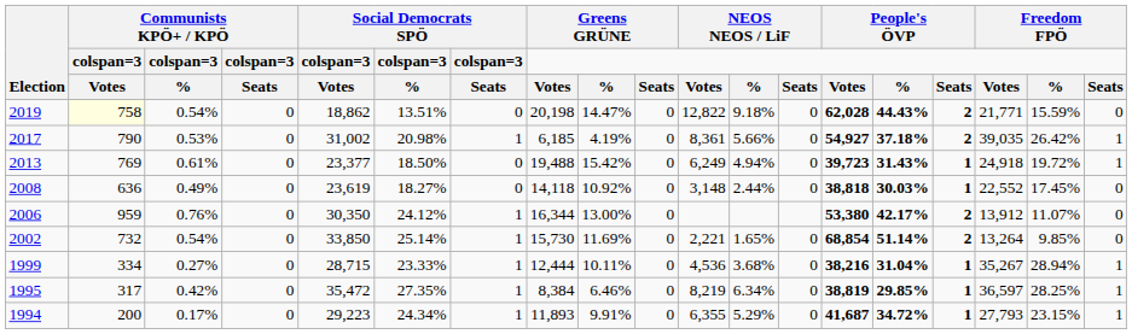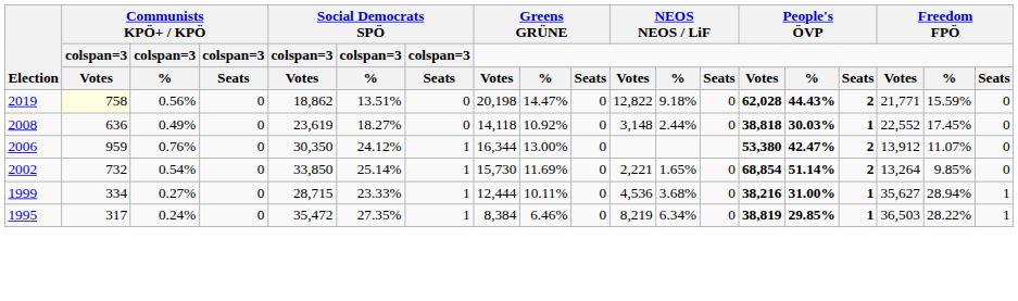 <table class="wikitable" border="1" style="font-size:100%; text-align:right;">
 <tr>
 <th style="text-align:left;" valign=bottom rowspan=3>Election</th>
 <th valign=bottom colspan=3><a href='#'>Communists</a><br>KPÖ+ / KPÖ</th>
 <th valign=bottom colspan=3><a href='#'>Social Democrats</a><br>SPÖ</th>
 <th valign=bottom colspan=3><a href='#'>Greens</a><br>GRÜNE</th>
 <th valign=bottom colspan=3><a href='#'>NEOS</a><br>NEOS / LiF</th>
 <th valign=bottom colspan=3><a href='#'>People's</a><br>ÖVP</th>
 <th valign=bottom colspan=3><a href='#'>Freedom</a><br>FPÖ</th>
 </tr>
 <tr>
 <th>colspan=3 </th>
 <th>colspan=3 </th>
 <th>colspan=3 </th>
 <th>colspan=3 </th>
 <th>colspan=3 </th>
 <th>colspan=3 </th>
 </tr>
 <tr>
 <th>Votes</th>
 <th>%</th>
 <th>Seats</th>
 <th>Votes</th>
 <th>%</th>
 <th>Seats</th>
 <th>Votes</th>
 <th>%</th>
 <th>Seats</th>
 <th>Votes</th>
 <th>%</th>
 <th>Seats</th>
 <th>Votes</th>
 <th>%</th>
 <th>Seats</th>
 <th>Votes</th>
 <th>%</th>
 <th>Seats</th>
 </tr>
 <tr>
 <td align=left><a href='#'>2019</a></td>
 <td style="background: lightyellow;">758</td>
-<td>0.54%</td>
+<td>0.56%</td>
 <td>0</td>
 <td>18,862</td>
 <td>13.51%</td>
 <td>0</td>
 <td>20,198</td>
 <td>14.47%</td>
 <td>0</td>
 <td>12,822</td>
 <td>9.18%</td>
 <td>0</td>
 <td><strong>62,028</strong></td>
 <td><strong>44.43%</strong></td>
 <td><strong>2</strong></td>
 <td>21,771</td>
 <td>15.59%</td>
 <td>0</td>
-</tr>
-<tr>
-<td align=left><a href='#'>2017</a></td>
-<td>790</td>
-<td>0.53%</td>
-<td>0</td>
-<td>31,002</td>
-<td>20.98%</td>
-<td>1</td>
-<td>6,185</td>
-<td>4.19%</td>
-<td>0</td>
-<td>8,361</td>
-<td>5.66%</td>
-<td>0</td>
-<td><strong>54,927</strong></td>
-<td><strong>37.18%</strong></td>
-<td><strong>2</strong></td>
-<td>39,035</td>
-<td>26.42%</td>
-<td>1</td>
-</tr>
-<tr>
-<td align=left><a href='#'>2013</a></td>
-<td>769</td>
-<td>0.61%</td>
-<td>0</td>
-<td>23,377</td>
-<td>18.50%</td>
-<td>0</td>
-<td>19,488</td>
-<td>15.42%</td>
-<td>0</td>
-<td>6,249</td>
-<td>4.94%</td>
-<td>0</td>
-<td><strong>39,723</strong></td>
-<td><strong>31.43%</strong></td>
-<td><strong>1</strong></td>
-<td>24,918</td>
-<td>19.72%</td>
-<td>1</td>
 </tr>
 <tr>
 <td align=left><a href='#'>2008</a></td>
 <td>636</td>
 <td>0.49%</td>
 <td>0</td>
 <td>23,619</td>
 <td>18.27%</td>
 <td>0</td>
 <td>14,118</td>
 <td>10.92%</td>
 <td>0</td>
 <td>3,148</td>
 <td>2.44%</td>
 <td>0</td>
 <td><strong>38,818</strong></td>
 <td><strong>30.03%</strong></td>
 <td><strong>1</strong></td>
 <td>22,552</td>
 <td>17.45%</td>
 <td>0</td>
 </tr>
 <tr>
 <td align=left><a href='#'>2006</a></td>
 <td>959</td>
 <td>0.76%</td>
 <td>0</td>
 <td>30,350</td>
 <td>24.12%</td>
 <td>1</td>
 <td>16,344</td>
 <td>13.00%</td>
 <td>0</td>
 <td></td>
 <td></td>
 <td></td>
 <td><strong>53,380</strong></td>
-<td><strong>42.17%</strong></td>
+<td><strong>42.47%</strong></td>
 <td><strong>2</strong></td>
 <td>13,912</td>
 <td>11.07%</td>
 <td>0</td>
 </tr>
 <tr>
 <td align=left><a href='#'>2002</a></td>
 <td>732</td>
 <td>0.54%</td>
 <td>0</td>
 <td>33,850</td>
 <td>25.14%</td>
 <td>1</td>
 <td>15,730</td>
 <td>11.69%</td>
 <td>0</td>
 <td>2,221</td>
 <td>1.65%</td>
 <td>0</td>
 <td><strong>68,854</strong></td>
 <td><strong>51.14%</strong></td>
 <td><strong>2</strong></td>
 <td>13,264</td>
 <td>9.85%</td>
 <td>0</td>
 </tr>
 <tr>
 <td align=left><a href='#'>1999</a></td>
 <td>334</td>
 <td>0.27%</td>
 <td>0</td>
 <td>28,715</td>
 <td>23.33%</td>
 <td>1</td>
 <td>12,444</td>
 <td>10.11%</td>
 <td>0</td>
 <td>4,536</td>
 <td>3.68%</td>
 <td>0</td>
 <td><strong>38,216</strong></td>
-<td><strong>31.04%</strong></td>
+<td><strong>31.00%</strong></td>
 <td><strong>1</strong></td>
-<td>35,267</td>
+<td>35,627</td>
 <td>28.94%</td>
 <td>1</td>
 </tr>
 <tr>
 <td align=left><a href='#'>1995</a></td>
 <td>317</td>
-<td>0.42%</td>
+<td>0.24%</td>
 <td>0</td>
 <td>35,472</td>
 <td>27.35%</td>
 <td>1</td>
 <td>8,384</td>
 <td>6.46%</td>
 <td>0</td>
 <td>8,219</td>
 <td>6.34%</td>
 <td>0</td>
 <td><strong>38,819</strong></td>
 <td><strong>29.85%</strong></td>
 <td><strong>1</strong></td>
-<td>36,597</td>
-<td>28.25%</td>
-<td>1</td>
-</tr>
-<tr>
-<td align=left><a href='#'>1994</a></td>
-<td>200</td>
-<td>0.17%</td>
-<td>0</td>
-<td>29,223</td>
-<td>24.34%</td>
-<td>1</td>
-<td>11,893</td>
-<td>9.91%</td>
-<td>0</td>
-<td>6,355</td>
-<td>5.29%</td>
-<td>0</td>
-<td><strong>41,687</strong></td>
-<td><strong>34.72%</strong></td>
-<td><strong>1</strong></td>
-<td>27,793</td>
-<td>23.15%</td>
+<td>36,503</td>
+<td>28.22%</td>
 <td>1</td>
 </tr>
 </table>
